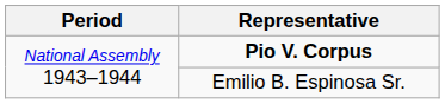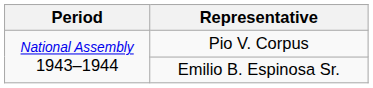 <table class="wikitable" style="text-align:center; width:40%;">
 <tr>
 <th width="40%">Period</th>
 <th>Representative</th>
 </tr>
 <tr>
 <td rowspan="2"><small><a href='#'><em>National Assembly</em></a></small><br>1943–1944</td>
-<td><strong>Pio V. Corpus</strong></td>
+<td>Pio V. Corpus</td>
 </tr>
 <tr>
 <td>Emilio B. Espinosa Sr.</td>
 </tr>
 </table>
